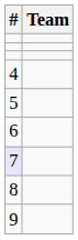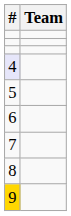 <table class="wikitable">
 <tr>
 <th>#</th>
 <th>Team</th>
 </tr>
 <tr>
 <td></td>
 <td></td>
 </tr>
 <tr>
 <td></td>
 <td></td>
 </tr>
 <tr>
 <td></td>
 <td></td>
 </tr>
 <tr>
-<td>4</td>
+<td style="background: lavender;">4</td>
 <td></td>
 </tr>
 <tr>
 <td>5</td>
 <td></td>
 </tr>
 <tr>
 <td>6</td>
 <td></td>
 </tr>
 <tr>
-<td style="background: lavender;">7</td>
+<td>7</td>
 <td><strong></strong></td>
 </tr>
 <tr>
 <td>8</td>
 <td></td>
 </tr>
 <tr>
-<td>9</td>
+<td style="background: gold;">9</td>
 <td></td>
 </tr>
 </table>
